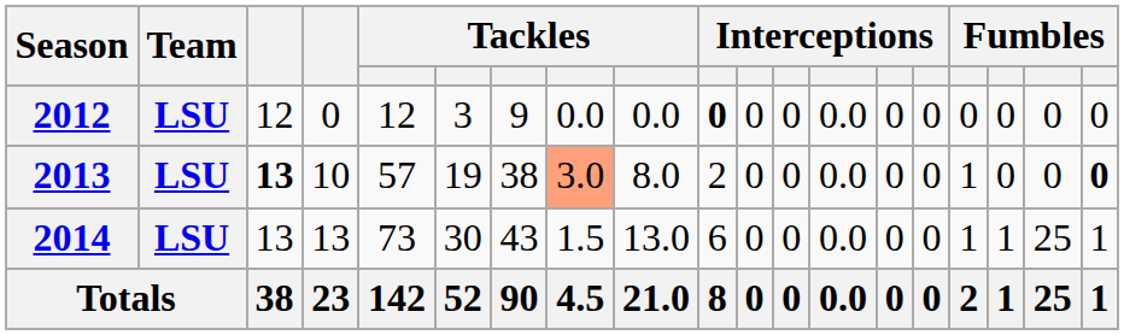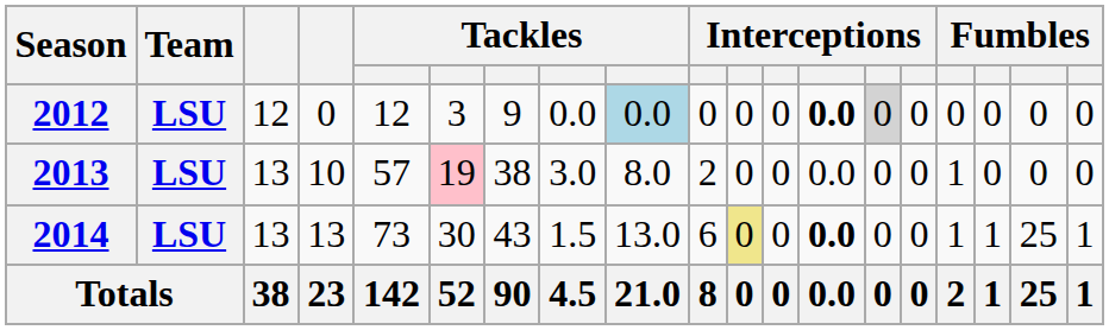 <table class="wikitable" style="text-align:center;">
 <tr>
 <th rowspan="2">Season</th>
 <th rowspan="2">Team</th>
 <th rowspan="2"></th>
 <th rowspan="2"></th>
 <th colspan="5">Tackles</th>
 <th colspan="6">Interceptions</th>
 <th colspan="4">Fumbles</th>
 </tr>
 <tr>
 <th></th>
 <th></th>
 <th></th>
 <th></th>
 <th></th>
 <th></th>
 <th></th>
 <th></th>
 <th></th>
 <th></th>
 <th></th>
 <th></th>
 <th></th>
 <th></th>
 <th></th>
 </tr>
 <tr>
 <th><a href='#'>2012</a></th>
 <th><a href='#'>LSU</a></th>
 <td>12</td>
 <td>0</td>
 <td>12</td>
 <td>3</td>
 <td>9</td>
 <td>0.0</td>
-<td>0.0</td>
-<td><strong>0</strong></td>
+<td style="background: lightblue;">0.0</td>
 <td>0</td>
 <td>0</td>
-<td>0.0</td>
 <td>0</td>
+<td><strong>0.0</strong></td>
+<td style="background: lightgrey;">0</td>
 <td>0</td>
 <td>0</td>
 <td>0</td>
 <td>0</td>
 <td>0</td>
 </tr>
 <tr>
 <th><a href='#'>2013</a></th>
 <th><a href='#'>LSU</a></th>
-<td><strong>13</strong></td>
+<td>13</td>
 <td>10</td>
 <td>57</td>
-<td>19</td>
+<td style="background: pink;">19</td>
 <td>38</td>
-<td style="background: lightsalmon;">3.0</td>
+<td>3.0</td>
 <td>8.0</td>
 <td>2</td>
 <td>0</td>
 <td>0</td>
 <td>0.0</td>
 <td>0</td>
 <td>0</td>
 <td>1</td>
 <td>0</td>
 <td>0</td>
-<td><strong>0</strong></td>
+<td>0</td>
 </tr>
 <tr>
 <th><a href='#'>2014</a></th>
 <th><a href='#'>LSU</a></th>
 <td>13</td>
 <td>13</td>
 <td>73</td>
 <td>30</td>
 <td>43</td>
 <td>1.5</td>
 <td>13.0</td>
 <td>6</td>
+<td style="background: khaki;">0</td>
 <td>0</td>
-<td>0</td>
-<td>0.0</td>
+<td><strong>0.0</strong></td>
 <td>0</td>
 <td>0</td>
 <td>1</td>
 <td>1</td>
 <td>25</td>
 <td>1</td>
 </tr>
 <tr>
 <th colspan="2">Totals</th>
 <th>38</th>
 <th>23</th>
 <th>142</th>
 <th>52</th>
 <th>90</th>
 <th>4.5</th>
 <th>21.0</th>
 <th>8</th>
 <th>0</th>
 <th>0</th>
 <th>0.0</th>
 <th>0</th>
 <th>0</th>
 <th>2</th>
 <th>1</th>
 <th>25</th>
 <th>1</th>
 </tr>
 </table>
